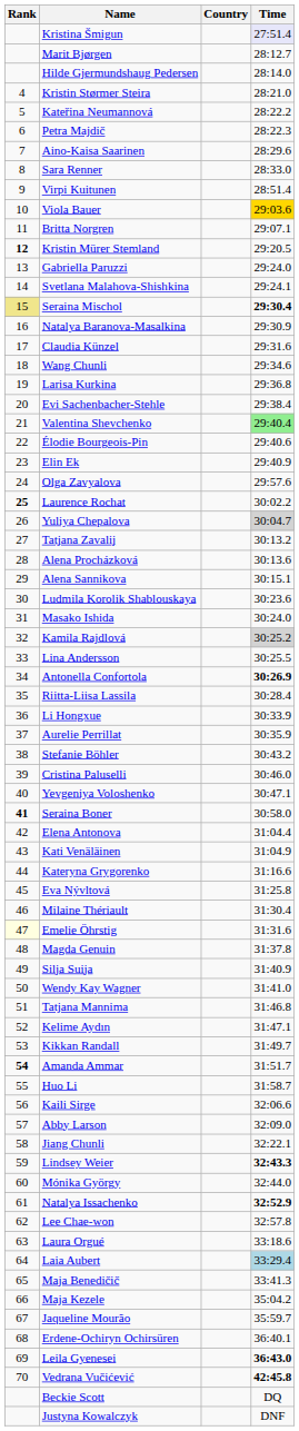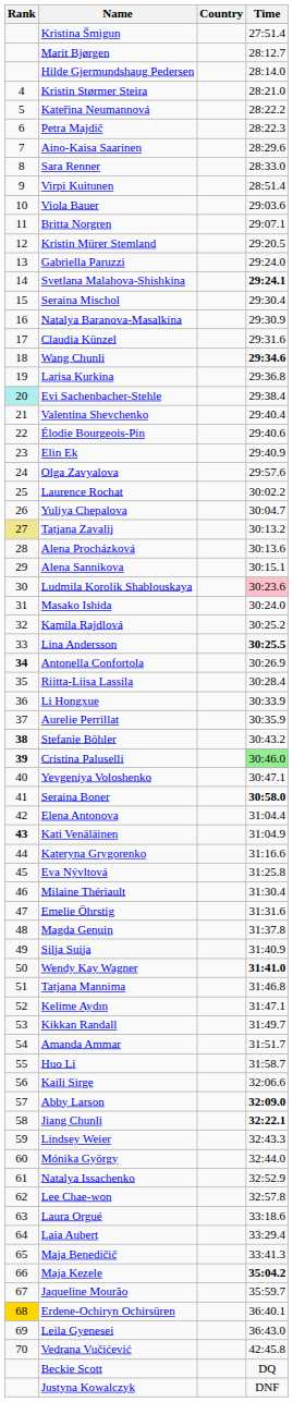 <table class="wikitable sortable" style="text-align:center">
 <tr>
 <th>Rank</th>
 <th>Name</th>
 <th>Country</th>
 <th>Time</th>
 </tr>
 <tr>
 <td></td>
 <td align="left"><a href='#'>Kristina Šmigun</a></td>
 <td align="left"></td>
-<td style="background: lavender;">27:51.4</td>
+<td>27:51.4</td>
 </tr>
 <tr>
 <td></td>
 <td align="left"><a href='#'>Marit Bjørgen</a></td>
 <td align="left"></td>
 <td>28:12.7</td>
 </tr>
 <tr>
 <td></td>
 <td align="left"><a href='#'>Hilde Gjermundshaug Pedersen</a></td>
 <td align="left"></td>
 <td>28:14.0</td>
 </tr>
 <tr>
 <td>4</td>
 <td align="left"><a href='#'>Kristin Størmer Steira</a></td>
 <td align="left"></td>
 <td>28:21.0</td>
 </tr>
 <tr>
 <td>5</td>
 <td align="left"><a href='#'>Kateřina Neumannová</a></td>
 <td align="left"></td>
 <td>28:22.2</td>
 </tr>
 <tr>
 <td>6</td>
 <td align="left"><a href='#'>Petra Majdič</a></td>
 <td align="left"></td>
 <td>28:22.3</td>
 </tr>
 <tr>
 <td>7</td>
 <td align="left"><a href='#'>Aino-Kaisa Saarinen</a></td>
 <td align="left"></td>
 <td>28:29.6</td>
 </tr>
 <tr>
 <td>8</td>
 <td align="left"><a href='#'>Sara Renner</a></td>
 <td align="left"></td>
 <td>28:33.0</td>
 </tr>
 <tr>
 <td>9</td>
 <td align="left"><a href='#'>Virpi Kuitunen</a></td>
 <td align="left"></td>
 <td>28:51.4</td>
 </tr>
 <tr>
 <td>10</td>
 <td align="left"><a href='#'>Viola Bauer</a></td>
 <td align="left"></td>
-<td style="background: gold;">29:03.6</td>
+<td>29:03.6</td>
 </tr>
 <tr>
 <td>11</td>
 <td align="left"><a href='#'>Britta Norgren</a></td>
 <td align="left"></td>
 <td>29:07.1</td>
 </tr>
 <tr>
-<td><strong>12</strong></td>
+<td>12</td>
 <td align="left"><a href='#'>Kristin Mürer Stemland</a></td>
 <td align="left"></td>
 <td>29:20.5</td>
 </tr>
 <tr>
 <td>13</td>
 <td align="left"><a href='#'>Gabriella Paruzzi</a></td>
 <td align="left"></td>
 <td>29:24.0</td>
 </tr>
 <tr>
 <td>14</td>
 <td align="left"><a href='#'>Svetlana Malahova-Shishkina</a></td>
 <td align="left"></td>
-<td>29:24.1</td>
+<td><strong>29:24.1</strong></td>
 </tr>
 <tr>
-<td style="background: khaki;">15</td>
+<td>15</td>
 <td align="left"><a href='#'>Seraina Mischol</a></td>
 <td align="left"></td>
-<td><strong>29:30.4</strong></td>
+<td>29:30.4</td>
 </tr>
 <tr>
 <td>16</td>
 <td align="left"><a href='#'>Natalya Baranova-Masalkina</a></td>
 <td align="left"></td>
 <td>29:30.9</td>
 </tr>
 <tr>
 <td>17</td>
 <td align="left"><a href='#'>Claudia Künzel</a></td>
 <td align="left"></td>
 <td>29:31.6</td>
 </tr>
 <tr>
 <td>18</td>
 <td align="left"><a href='#'>Wang Chunli</a></td>
 <td align="left"></td>
-<td>29:34.6</td>
+<td><strong>29:34.6</strong></td>
 </tr>
 <tr>
 <td>19</td>
 <td align="left"><a href='#'>Larisa Kurkina</a></td>
 <td align="left"></td>
 <td>29:36.8</td>
 </tr>
 <tr>
-<td>20</td>
+<td style="background: paleturquoise;">20</td>
 <td align="left"><a href='#'>Evi Sachenbacher-Stehle</a></td>
 <td align="left"></td>
 <td>29:38.4</td>
 </tr>
 <tr>
 <td>21</td>
 <td align="left"><a href='#'>Valentina Shevchenko</a></td>
 <td align="left"></td>
-<td style="background: lightgreen;">29:40.4</td>
+<td>29:40.4</td>
 </tr>
 <tr>
 <td>22</td>
 <td align="left"><a href='#'>Élodie Bourgeois-Pin</a></td>
 <td align="left"></td>
 <td>29:40.6</td>
 </tr>
 <tr>
 <td>23</td>
 <td align="left"><a href='#'>Elin Ek</a></td>
 <td align="left"></td>
 <td>29:40.9</td>
 </tr>
 <tr>
 <td>24</td>
 <td align="left"><a href='#'>Olga Zavyalova</a></td>
 <td align="left"></td>
 <td>29:57.6</td>
 </tr>
 <tr>
-<td><strong>25</strong></td>
+<td>25</td>
 <td align="left"><a href='#'>Laurence Rochat</a></td>
 <td align="left"></td>
 <td>30:02.2</td>
 </tr>
 <tr>
 <td>26</td>
 <td align="left"><a href='#'>Yuliya Chepalova</a></td>
 <td align="left"></td>
-<td style="background: lightgrey;">30:04.7</td>
+<td>30:04.7</td>
 </tr>
 <tr>
-<td>27</td>
+<td style="background: khaki;">27</td>
 <td align="left"><a href='#'>Tatjana Zavalij</a></td>
 <td align="left"></td>
 <td>30:13.2</td>
 </tr>
 <tr>
 <td>28</td>
 <td align="left"><a href='#'>Alena Procházková</a></td>
 <td align="left"></td>
 <td>30:13.6</td>
 </tr>
 <tr>
 <td>29</td>
 <td align="left"><a href='#'>Alena Sannikova</a></td>
 <td align="left"></td>
 <td>30:15.1</td>
 </tr>
 <tr>
 <td>30</td>
 <td align="left"><a href='#'>Ludmila Korolik Shablouskaya</a></td>
 <td align="left"></td>
-<td>30:23.6</td>
+<td style="background: pink;">30:23.6</td>
 </tr>
 <tr>
 <td>31</td>
 <td align="left"><a href='#'>Masako Ishida</a></td>
 <td align="left"></td>
 <td>30:24.0</td>
 </tr>
 <tr>
 <td>32</td>
 <td align="left"><a href='#'>Kamila Rajdlová</a></td>
 <td align="left"></td>
-<td style="background: lightgrey;">30:25.2</td>
+<td>30:25.2</td>
 </tr>
 <tr>
 <td>33</td>
 <td align="left"><a href='#'>Lina Andersson</a></td>
 <td align="left"></td>
-<td>30:25.5</td>
+<td><strong>30:25.5</strong></td>
 </tr>
 <tr>
-<td>34</td>
+<td><strong>34</strong></td>
 <td align="left"><a href='#'>Antonella Confortola</a></td>
 <td align="left"></td>
-<td><strong>30:26.9</strong></td>
+<td>30:26.9</td>
 </tr>
 <tr>
 <td>35</td>
 <td align="left"><a href='#'>Riitta-Liisa Lassila</a></td>
 <td align="left"></td>
 <td>30:28.4</td>
 </tr>
 <tr>
 <td>36</td>
 <td align="left"><a href='#'>Li Hongxue</a></td>
 <td align="left"></td>
 <td>30:33.9</td>
 </tr>
 <tr>
 <td>37</td>
 <td align="left"><a href='#'>Aurelie Perrillat</a></td>
 <td align="left"></td>
 <td>30:35.9</td>
 </tr>
 <tr>
-<td>38</td>
+<td><strong>38</strong></td>
 <td align="left"><a href='#'>Stefanie Böhler</a></td>
 <td align="left"></td>
 <td>30:43.2</td>
 </tr>
 <tr>
-<td>39</td>
+<td><strong>39</strong></td>
 <td align="left"><a href='#'>Cristina Paluselli</a></td>
 <td align="left"></td>
-<td>30:46.0</td>
+<td style="background: lightgreen;">30:46.0</td>
 </tr>
 <tr>
 <td>40</td>
 <td align="left"><a href='#'>Yevgeniya Voloshenko</a></td>
 <td align="left"></td>
 <td>30:47.1</td>
 </tr>
 <tr>
-<td><strong>41</strong></td>
+<td>41</td>
 <td align="left"><a href='#'>Seraina Boner</a></td>
 <td align="left"></td>
-<td>30:58.0</td>
+<td><strong>30:58.0</strong></td>
 </tr>
 <tr>
 <td>42</td>
 <td align="left"><a href='#'>Elena Antonova</a></td>
 <td align="left"></td>
 <td>31:04.4</td>
 </tr>
 <tr>
-<td>43</td>
+<td><strong>43</strong></td>
 <td align="left"><a href='#'>Kati Venäläinen</a></td>
 <td align="left"></td>
 <td>31:04.9</td>
 </tr>
 <tr>
 <td>44</td>
 <td align="left"><a href='#'>Kateryna Grygorenko</a></td>
 <td align="left"></td>
 <td>31:16.6</td>
 </tr>
 <tr>
 <td>45</td>
 <td align="left"><a href='#'>Eva Nývltová</a></td>
 <td align="left"></td>
 <td>31:25.8</td>
 </tr>
 <tr>
 <td>46</td>
 <td align="left"><a href='#'>Milaine Thériault</a></td>
 <td align="left"></td>
 <td>31:30.4</td>
 </tr>
 <tr>
-<td style="background: lightyellow;">47</td>
+<td>47</td>
 <td align="left"><a href='#'>Emelie Öhrstig</a></td>
 <td align="left"></td>
 <td>31:31.6</td>
 </tr>
 <tr>
 <td>48</td>
 <td align="left"><a href='#'>Magda Genuin</a></td>
 <td align="left"></td>
 <td>31:37.8</td>
 </tr>
 <tr>
 <td>49</td>
 <td align="left"><a href='#'>Silja Suija</a></td>
 <td align="left"></td>
 <td>31:40.9</td>
 </tr>
 <tr>
 <td>50</td>
 <td align="left"><a href='#'>Wendy Kay Wagner</a></td>
 <td align="left"></td>
-<td>31:41.0</td>
+<td><strong>31:41.0</strong></td>
 </tr>
 <tr>
 <td>51</td>
 <td align="left"><a href='#'>Tatjana Mannima</a></td>
 <td align="left"></td>
 <td>31:46.8</td>
 </tr>
 <tr>
 <td>52</td>
 <td align="left"><a href='#'>Kelime Aydın</a></td>
 <td align="left"></td>
 <td>31:47.1</td>
 </tr>
 <tr>
 <td>53</td>
 <td align="left"><a href='#'>Kikkan Randall</a></td>
 <td align="left"></td>
 <td>31:49.7</td>
 </tr>
 <tr>
-<td><strong>54</strong></td>
+<td>54</td>
 <td align="left"><a href='#'>Amanda Ammar</a></td>
 <td align="left"></td>
 <td>31:51.7</td>
 </tr>
 <tr>
 <td>55</td>
 <td align="left"><a href='#'>Huo Li</a></td>
 <td align="left"></td>
 <td>31:58.7</td>
 </tr>
 <tr>
 <td>56</td>
 <td align="left"><a href='#'>Kaili Sirge</a></td>
 <td align="left"></td>
 <td>32:06.6</td>
 </tr>
 <tr>
 <td>57</td>
 <td align="left"><a href='#'>Abby Larson</a></td>
 <td align="left"></td>
-<td>32:09.0</td>
+<td><strong>32:09.0</strong></td>
 </tr>
 <tr>
 <td>58</td>
 <td align="left"><a href='#'>Jiang Chunli</a></td>
 <td align="left"></td>
-<td>32:22.1</td>
+<td><strong>32:22.1</strong></td>
 </tr>
 <tr>
 <td>59</td>
 <td align="left"><a href='#'>Lindsey Weier</a></td>
 <td align="left"></td>
-<td><strong>32:43.3</strong></td>
+<td>32:43.3</td>
 </tr>
 <tr>
 <td>60</td>
 <td align="left"><a href='#'>Mónika György</a></td>
 <td align="left"></td>
 <td>32:44.0</td>
 </tr>
 <tr>
 <td>61</td>
 <td align="left"><a href='#'>Natalya Issachenko</a></td>
 <td align="left"></td>
-<td><strong>32:52.9</strong></td>
+<td>32:52.9</td>
 </tr>
 <tr>
 <td>62</td>
 <td align="left"><a href='#'>Lee Chae-won</a></td>
 <td align="left"></td>
 <td>32:57.8</td>
 </tr>
 <tr>
 <td>63</td>
 <td align="left"><a href='#'>Laura Orgué</a></td>
 <td align="left"></td>
 <td>33:18.6</td>
 </tr>
 <tr>
 <td>64</td>
 <td align="left"><a href='#'>Laia Aubert</a></td>
 <td align="left"></td>
-<td style="background: lightblue;">33:29.4</td>
+<td>33:29.4</td>
 </tr>
 <tr>
 <td>65</td>
 <td align="left"><a href='#'>Maja Benedičič</a></td>
 <td align="left"></td>
 <td>33:41.3</td>
 </tr>
 <tr>
 <td>66</td>
 <td align="left"><a href='#'>Maja Kezele</a></td>
 <td align="left"></td>
-<td>35:04.2</td>
+<td><strong>35:04.2</strong></td>
 </tr>
 <tr>
 <td>67</td>
 <td align="left"><a href='#'>Jaqueline Mourão</a></td>
 <td align="left"></td>
 <td>35:59.7</td>
 </tr>
 <tr>
-<td>68</td>
+<td style="background: gold;">68</td>
 <td align="left"><a href='#'>Erdene-Ochiryn Ochirsüren</a></td>
 <td align="left"></td>
 <td>36:40.1</td>
 </tr>
 <tr>
 <td>69</td>
 <td align="left"><a href='#'>Leila Gyenesei</a></td>
 <td align="left"></td>
-<td><strong>36:43.0</strong></td>
+<td>36:43.0</td>
 </tr>
 <tr>
 <td>70</td>
 <td align="left"><a href='#'>Vedrana Vučićević</a></td>
 <td align="left"></td>
-<td><strong>42:45.8</strong></td>
+<td>42:45.8</td>
 </tr>
 <tr>
 <td></td>
 <td align="left"><a href='#'>Beckie Scott</a></td>
 <td align="left"></td>
 <td>DQ</td>
 </tr>
 <tr>
 <td></td>
 <td align="left"><a href='#'>Justyna Kowalczyk</a></td>
 <td align="left"></td>
 <td>DNF</td>
 </tr>
 </table>
